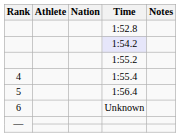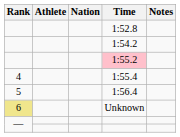 <table class="wikitable sortable" style="text-align:center">
 <tr>
 <th>Rank</th>
 <th>Athlete</th>
 <th>Nation</th>
 <th>Time</th>
 <th>Notes</th>
 </tr>
 <tr>
 <td></td>
 <td align=left></td>
 <td align=left></td>
 <td>1:52.8</td>
 <td></td>
 </tr>
 <tr>
 <td></td>
 <td align=left></td>
 <td align=left></td>
-<td style="background: lavender;">1:54.2</td>
+<td>1:54.2</td>
 <td></td>
 </tr>
 <tr>
 <td></td>
 <td align=left></td>
 <td align=left></td>
-<td>1:55.2</td>
+<td style="background: pink;">1:55.2</td>
 <td></td>
 </tr>
 <tr>
 <td>4</td>
 <td align=left></td>
 <td align=left></td>
 <td>1:55.4</td>
 <td></td>
 </tr>
 <tr>
 <td>5</td>
 <td align=left></td>
 <td align=left></td>
 <td>1:56.4</td>
 <td></td>
 </tr>
 <tr>
-<td>6</td>
+<td style="background: khaki;">6</td>
 <td align=left></td>
 <td align=left></td>
 <td data-sort-value=5:00.0>Unknown</td>
 <td></td>
 </tr>
 <tr>
 <td rowspan=2 data-sort-value=7>—</td>
 <td align=left></td>
 <td align=left></td>
 <td></td>
 <td></td>
 </tr>
 <tr>
 <td align=left></td>
 <td align=left></td>
 <td></td>
 <td></td>
 </tr>
 </table>
